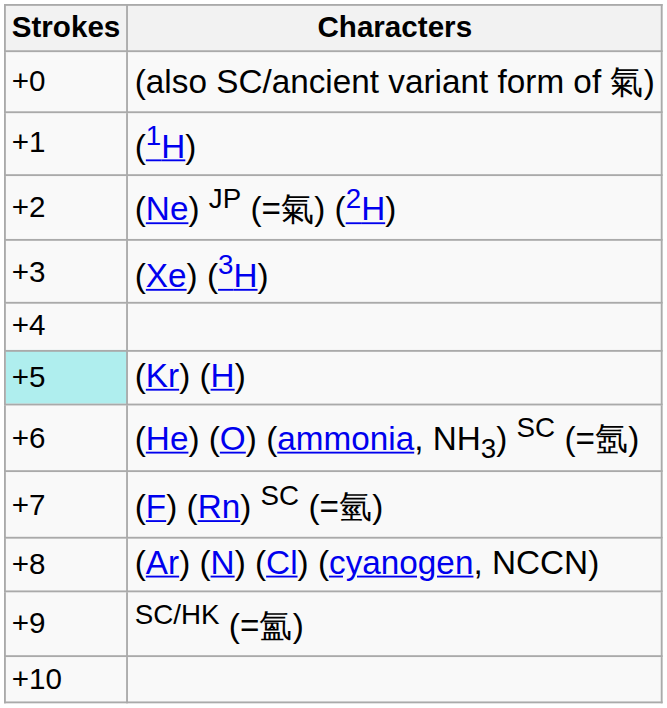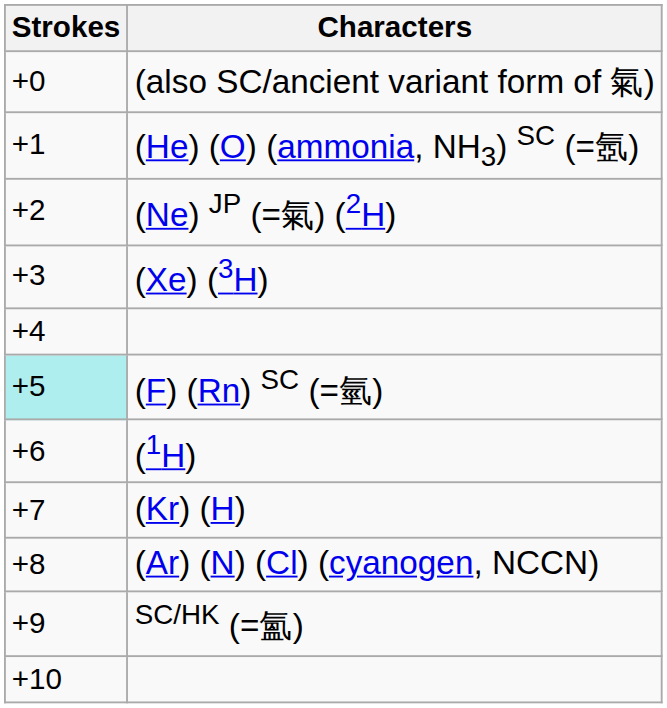 <table class="wikitable">
 <tr>
 <th>Strokes</th>
 <th>Characters</th>
 </tr>
 <tr --->
 <td>+0</td>
 <td style="font-size: large;"> (also SC/ancient variant form of 氣)</td>
 </tr>
 <tr --->
 <td>+1</td>
-<td style="font-size: large;"> (<a href='#'><sup>1</sup>H</a>)</td>
+<td style="font-size: large;">    (<a href='#'>He</a>)  (<a href='#'>O</a>)  (<a href='#'>ammonia</a>, NH<sub>3</sub>) <sup>SC</sup> (=氬)</td>
 </tr>
 <tr --->
 <td>+2</td>
 <td style="font-size: large;"> (<a href='#'>Ne</a>) <sup>JP</sup> (=氣)  (<a href='#'><sup>2</sup>H</a>)</td>
 </tr>
 <tr --->
 <td>+3</td>
 <td style="font-size: large;"> (<a href='#'>Xe</a>)  (<a href='#'><sup>3</sup>H</a>)</td>
 </tr>
 <tr --->
 <td>+4</td>
 <td style="font-size: large;">  </td>
 </tr>
 <tr --->
 <td style="background: paleturquoise;">+5</td>
-<td style="font-size: large;"> (<a href='#'>Kr</a>)  (<a href='#'>H</a>)</td>
+<td style="font-size: large;">  (<a href='#'>F</a>)   (<a href='#'>Rn</a>) <sup>SC</sup> (=氫)</td>
 </tr>
 <tr --->
 <td>+6</td>
-<td style="font-size: large;">    (<a href='#'>He</a>)  (<a href='#'>O</a>)  (<a href='#'>ammonia</a>, NH<sub>3</sub>) <sup>SC</sup> (=氬)</td>
+<td style="font-size: large;"> (<a href='#'><sup>1</sup>H</a>)</td>
 </tr>
 <tr --->
 <td>+7</td>
-<td style="font-size: large;">  (<a href='#'>F</a>)   (<a href='#'>Rn</a>) <sup>SC</sup> (=氫)</td>
+<td style="font-size: large;"> (<a href='#'>Kr</a>)  (<a href='#'>H</a>)</td>
 </tr>
 <tr --->
 <td>+8</td>
 <td style="font-size: large;"> (<a href='#'>Ar</a>)   (<a href='#'>N</a>)  (<a href='#'>Cl</a>)  (<a href='#'>cyanogen</a>, NCCN)</td>
 </tr>
 <tr --->
 <td>+9</td>
 <td style="font-size: large;"> <sup>SC/HK</sup> (=氳)</td>
 </tr>
 <tr --->
 <td>+10</td>
 <td style="font-size: large;"></td>
 </tr>
 </table>
